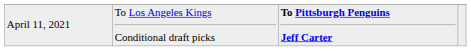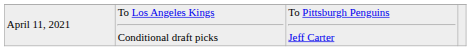 <table cellspacing=0 class="wikitable" style="border:1px solid #999999; width:680px;">
 <tr>
 </tr>
 <tr bgcolor="eeeeee">
 <td>April 11, 2021</td>
 <td valign="top">To <a href='#'>Los Angeles Kings</a><hr>Conditional draft picks</td>
-<td valign="top"><strong>To <a href='#'>Pittsburgh Penguins</a><hr><a href='#'>Jeff Carter</a></strong></td>
+<td valign="top">To <a href='#'>Pittsburgh Penguins</a><hr><a href='#'>Jeff Carter</a></td>
 <td></td>
 </tr>
 </table>
